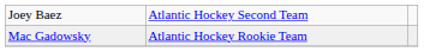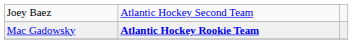 <table class="wikitable" width=40%>
 <tr>
 <td>Joey Baez</td>
 <td rowspan=1><a href='#'>Atlantic Hockey Second Team</a></td>
 <td rowspan=1></td>
 </tr>
 <tr bgcolor=f0f0f0>
 <td><a href='#'>Mac Gadowsky</a></td>
-<td rowspan=1><a href='#'>Atlantic Hockey Rookie Team</a></td>
+<td rowspan=1><strong><a href='#'>Atlantic Hockey Rookie Team</a></strong></td>
 <td rowspan=1></td>
 </tr>
 <tr>
 </tr>
 </table>
